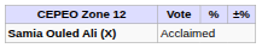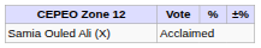 <table class="wikitable">
 <tr>
 <th style="background:#DDDDFF" width="200px">CEPEO Zone 12</th>
 <th style="background:#DDDDFF" width="50px">Vote</th>
 <th style="background:#DDDDFF" width="30px">%</th>
 <th style="background:#DDDDFF" width="30px">±%</th>
 </tr>
 <tr>
-<td><strong>Samia Ouled Ali (X)</strong></td>
+<td>Samia Ouled Ali (X)</td>
 <td colspan="3">Acclaimed</td>
 </tr>
 </table>
